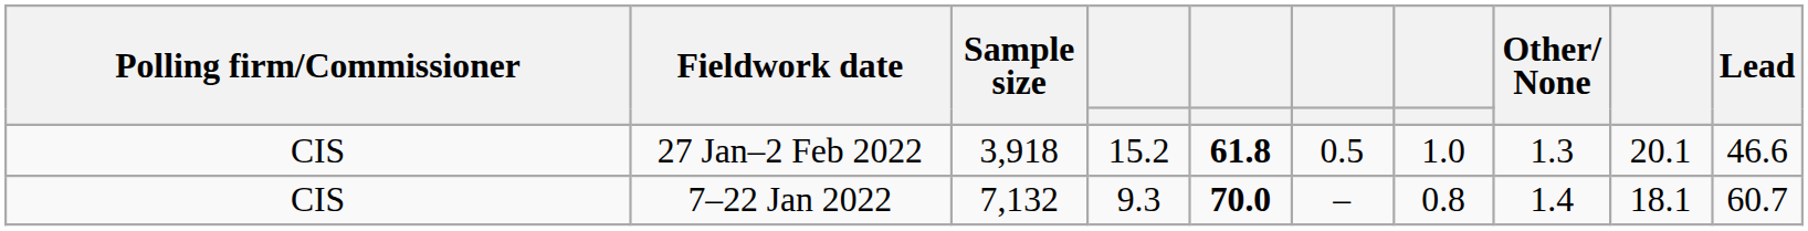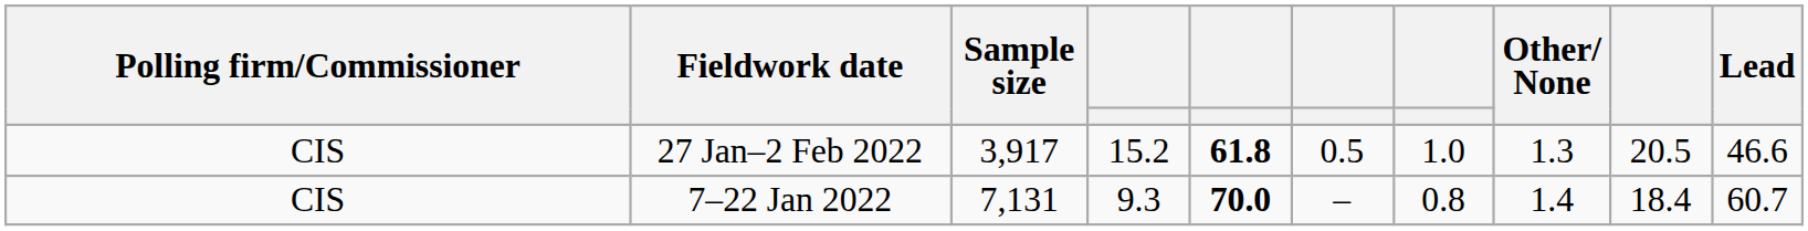 <table class="wikitable collapsible collapsed" style="text-align:center; font-size:90%; line-height:14px;">
 <tr style="height:42px;">
 <th style="width:250px;" rowspan="2">Polling firm/Commissioner</th>
 <th style="width:125px;" rowspan="2">Fieldwork date</th>
 <th style="width:50px;" rowspan="2">Sample size</th>
 <th style="width:35px;"></th>
 <th style="width:35px;"></th>
 <th style="width:35px;"></th>
 <th style="width:35px;"></th>
 <th style="width:35px;" rowspan="2">Other/<br>None</th>
 <th style="width:35px;" rowspan="2"></th>
 <th style="width:30px;" rowspan="2">Lead</th>
 </tr>
 <tr>
 <th style="color:inherit;background:"></th>
 <th style="color:inherit;background:"></th>
 <th style="color:inherit;background:"></th>
 <th style="color:inherit;background:"></th>
 </tr>
 <tr>
 <td>CIS</td>
 <td>27 Jan–2 Feb 2022</td>
-<td>3,918</td>
+<td>3,917</td>
 <td>15.2</td>
 <td><strong>61.8</strong></td>
 <td>0.5</td>
 <td>1.0</td>
 <td>1.3</td>
-<td>20.1</td>
+<td>20.5</td>
 <td style="background:">46.6</td>
 </tr>
 <tr>
 <td>CIS</td>
 <td>7–22 Jan 2022</td>
-<td>7,132</td>
+<td>7,131</td>
 <td>9.3</td>
 <td><strong>70.0</strong></td>
 <td>–</td>
 <td>0.8</td>
 <td>1.4</td>
-<td>18.1</td>
+<td>18.4</td>
 <td style="background:">60.7</td>
 </tr>
 </table>
